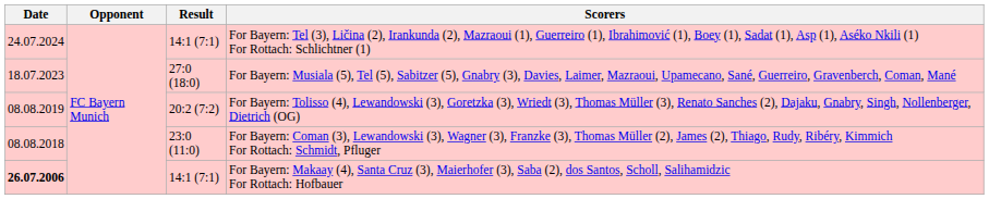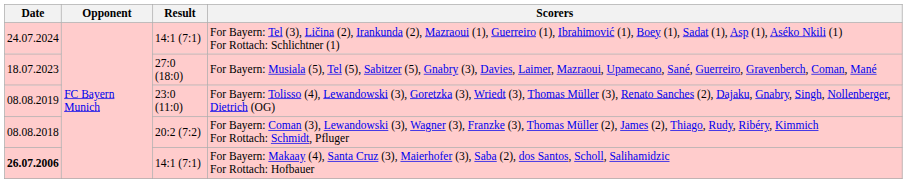 <table class="wikitable">
 <tr>
 <th>Date</th>
 <th>Opponent</th>
 <th>Result</th>
 <th>Scorers</th>
 </tr>
 <tr style="background:#FFCCCC">
 <td>24.07.2024</td>
 <td rowspan="13"><a href='#'>FC Bayern Munich</a> </td>
 <td>14:1 (7:1)</td>
 <td>For Bayern: <a href='#'>Tel</a> (3), <a href='#'>Ličina</a> (2), <a href='#'>Irankunda</a> (2), <a href='#'>Mazraoui</a> (1), <a href='#'>Guerreiro</a> (1), <a href='#'>Ibrahimović</a> (1), <a href='#'>Boey</a> (1), <a href='#'>Sadat</a> (1), <a href='#'>Asp</a> (1), <a href='#'>Aséko Nkili</a> (1)<br>For Rottach: Schlichtner (1)</td>
 </tr>
 <tr style="background:#FFCCCC">
 <td>18.07.2023</td>
 <td>27:0 (18:0)</td>
 <td>For Bayern: <a href='#'>Musiala</a> (5), <a href='#'>Tel</a> (5), <a href='#'>Sabitzer</a> (5), <a href='#'>Gnabry</a> (3), <a href='#'>Davies</a>, <a href='#'>Laimer</a>, <a href='#'>Mazraoui</a>, <a href='#'>Upamecano</a>, <a href='#'>Sané</a>, <a href='#'>Guerreiro</a>, <a href='#'>Gravenberch</a>, <a href='#'>Coman</a>, <a href='#'>Mané</a></td>
 </tr>
 <tr style="background:#FFCCCC">
 <td>08.08.2019</td>
-<td>20:2 (7:2)</td>
+<td>23:0 (11:0)</td>
 <td>For Bayern: <a href='#'>Tolisso</a> (4), <a href='#'>Lewandowski</a> (3), <a href='#'>Goretzka</a> (3), <a href='#'>Wriedt</a> (3), <a href='#'>Thomas Müller</a> (3), <a href='#'>Renato Sanches</a> (2), <a href='#'>Dajaku</a>, <a href='#'>Gnabry</a>, <a href='#'>Singh</a>, <a href='#'>Nollenberger</a>, <a href='#'>Dietrich</a> (OG)</td>
 </tr>
 <tr style="background:#FFCCCC">
 <td>08.08.2018</td>
-<td>23:0 (11:0)</td>
+<td>20:2 (7:2)</td>
 <td>For Bayern: <a href='#'>Coman</a> (3), <a href='#'>Lewandowski</a> (3), <a href='#'>Wagner</a> (3), <a href='#'>Franzke</a> (3), <a href='#'>Thomas Müller</a> (2), <a href='#'>James</a> (2), <a href='#'>Thiago</a>, <a href='#'>Rudy</a>, <a href='#'>Ribéry</a>, <a href='#'>Kimmich</a><br>For Rottach: <a href='#'>Schmidt</a>, Pfluger</td>
 </tr>
 <tr style="background:#FFCCCC">
 <td><strong>26.07.2006</strong></td>
 <td>14:1 (7:1)</td>
 <td>For Bayern: <a href='#'>Makaay</a> (4), <a href='#'>Santa Cruz</a> (3), <a href='#'>Maierhofer</a> (3), <a href='#'>Saba</a> (2), <a href='#'>dos Santos</a>, <a href='#'>Scholl</a>, <a href='#'>Salihamidzic</a><br>For Rottach: Hofbauer</td>
 </tr>
 </table>
